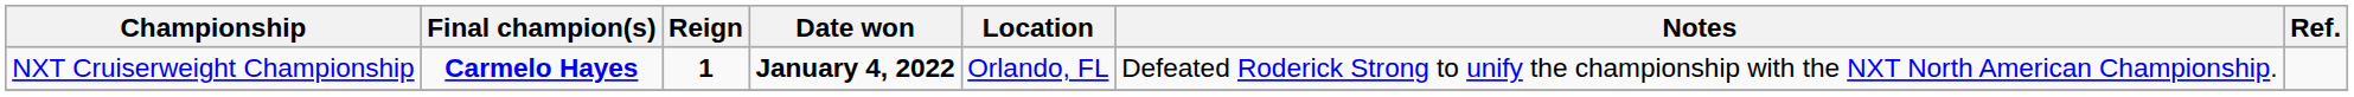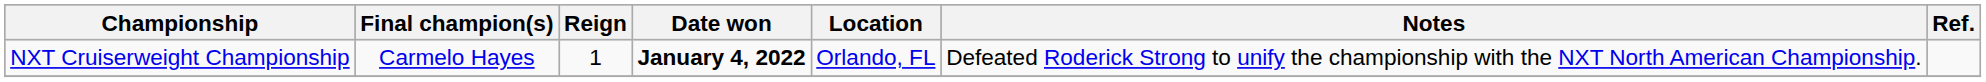 <table class="wikitable" style="font-size: 85%;">
 <tr>
 <th>Championship</th>
 <th>Final champion(s)</th>
 <th>Reign</th>
 <th>Date won</th>
 <th>Location</th>
 <th>Notes</th>
 <th>Ref.</th>
 </tr>
 <tr>
 <td align=center><a href='#'>NXT Cruiserweight Championship</a></td>
-<td align=center><strong><a href='#'>Carmelo Hayes</a></strong></td>
-<td align=center><strong>1</strong></td>
+<td align=center><a href='#'>Carmelo Hayes</a></td>
+<td align=center>1</td>
 <td align=center><strong>January 4, 2022</strong></td>
 <td align=center><a href='#'>Orlando, FL</a></td>
 <td align=left>Defeated <a href='#'>Roderick Strong</a> to <a href='#'>unify</a> the championship with the <a href='#'>NXT North American Championship</a>.</td>
 <td></td>
 </tr>
 <tr>
 </tr>
 </table>
